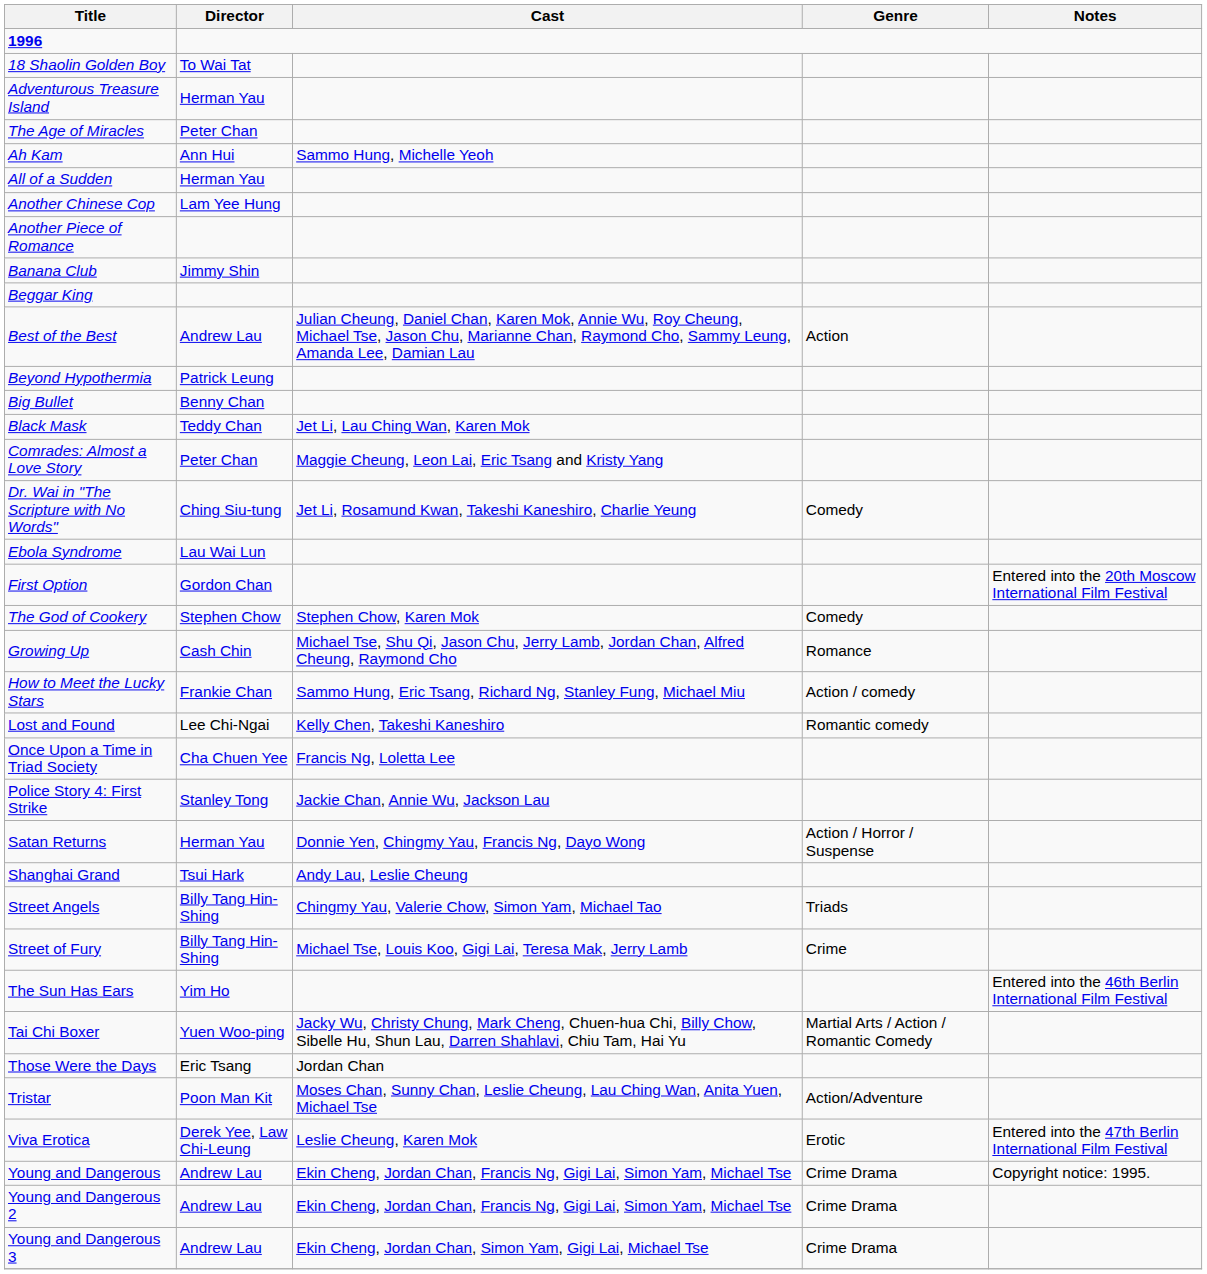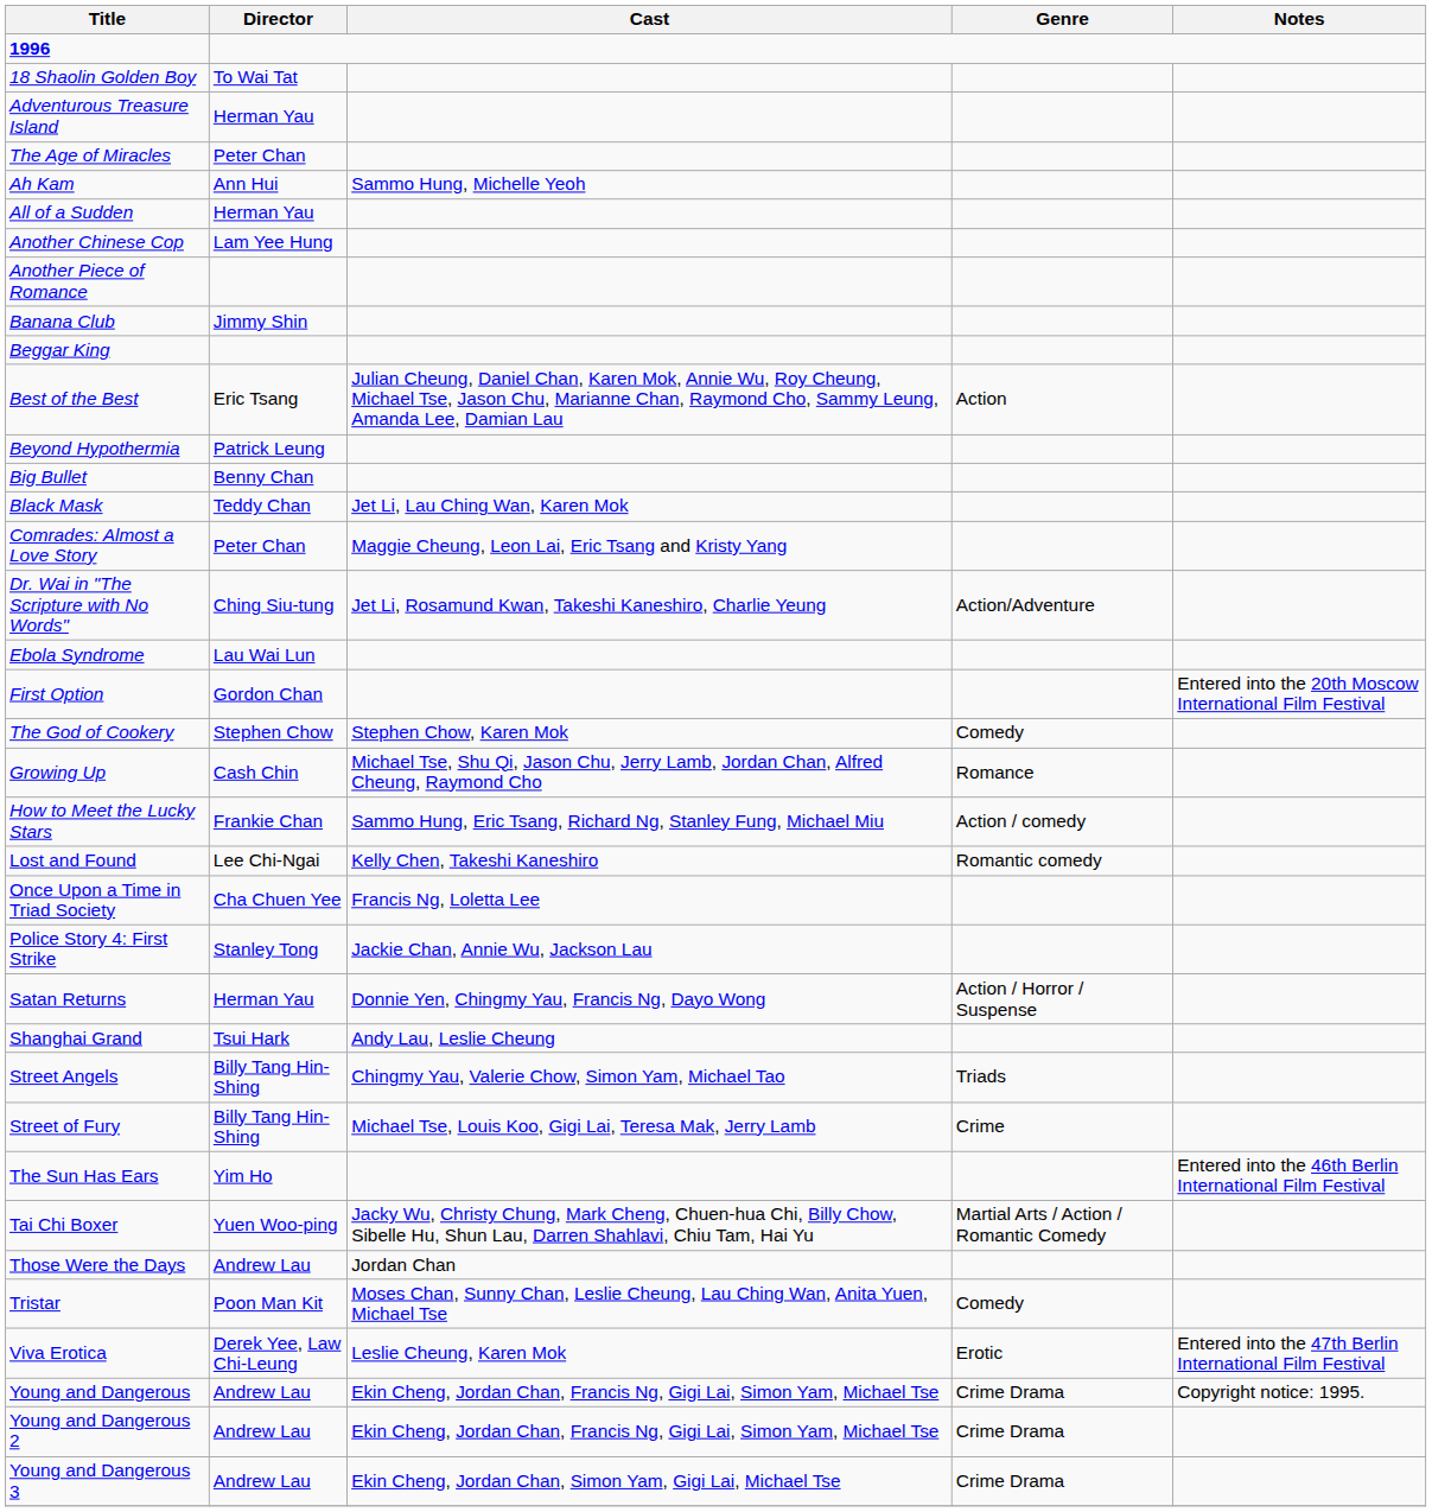 <table class="wikitable">
 <tr>
 <th>Title</th>
 <th>Director</th>
 <th>Cast</th>
 <th>Genre</th>
 <th>Notes</th>
 </tr>
 <tr>
 <td><strong><a href='#'>1996</a></strong></td>
 </tr>
 <tr>
 <td><em><a href='#'>18 Shaolin Golden Boy</a></em></td>
 <td><a href='#'>To Wai Tat</a></td>
 <td></td>
 <td></td>
 <td></td>
 </tr>
 <tr>
 <td><em><a href='#'>Adventurous Treasure Island</a></em></td>
 <td><a href='#'>Herman Yau</a></td>
 <td></td>
 <td></td>
 <td></td>
 </tr>
 <tr>
 <td><em><a href='#'>The Age of Miracles</a></em></td>
 <td><a href='#'>Peter Chan</a></td>
 <td></td>
 <td></td>
 <td></td>
 </tr>
 <tr>
 <td><em><a href='#'>Ah Kam</a></em></td>
 <td><a href='#'>Ann Hui</a></td>
 <td><a href='#'>Sammo Hung</a>, <a href='#'>Michelle Yeoh</a></td>
 <td></td>
 <td></td>
 </tr>
 <tr>
 <td><em><a href='#'>All of a Sudden</a></em></td>
 <td><a href='#'>Herman Yau</a></td>
 <td></td>
 <td></td>
 <td></td>
 </tr>
 <tr>
 <td><em><a href='#'>Another Chinese Cop</a></em></td>
 <td><a href='#'>Lam Yee Hung</a></td>
 <td></td>
 <td></td>
 <td></td>
 </tr>
 <tr>
 <td><em><a href='#'>Another Piece of Romance</a></em></td>
 <td></td>
 <td></td>
 <td></td>
 <td></td>
 </tr>
 <tr>
 <td><em><a href='#'>Banana Club</a></em></td>
 <td><a href='#'>Jimmy Shin</a></td>
 <td></td>
 <td></td>
 <td></td>
 </tr>
 <tr>
 <td><em><a href='#'>Beggar King</a></em></td>
 <td></td>
 <td></td>
 <td></td>
 <td></td>
 </tr>
 <tr>
 <td><em><a href='#'>Best of the Best</a></em></td>
-<td><a href='#'>Andrew Lau</a></td>
+<td>Eric Tsang</td>
 <td><a href='#'>Julian Cheung</a>, <a href='#'>Daniel Chan</a>, <a href='#'>Karen Mok</a>, <a href='#'>Annie Wu</a>, <a href='#'>Roy Cheung</a>, <a href='#'>Michael Tse</a>, <a href='#'>Jason Chu</a>, <a href='#'>Marianne Chan</a>, <a href='#'>Raymond Cho</a>, <a href='#'>Sammy Leung</a>, <a href='#'>Amanda Lee</a>, <a href='#'>Damian Lau</a></td>
 <td>Action</td>
 <td></td>
 </tr>
 <tr>
 <td><em><a href='#'>Beyond Hypothermia</a></em></td>
 <td><a href='#'>Patrick Leung</a></td>
 <td></td>
 <td></td>
 <td></td>
 </tr>
 <tr>
 <td><em><a href='#'>Big Bullet</a></em></td>
 <td><a href='#'>Benny Chan</a></td>
 <td></td>
 <td></td>
 <td></td>
 </tr>
 <tr>
 <td><em><a href='#'>Black Mask</a></em></td>
 <td><a href='#'>Teddy Chan</a></td>
 <td><a href='#'>Jet Li</a>, <a href='#'>Lau Ching Wan</a>, <a href='#'>Karen Mok</a></td>
 <td></td>
 <td></td>
 </tr>
 <tr>
 <td><em><a href='#'>Comrades: Almost a Love Story</a></em></td>
 <td><a href='#'>Peter Chan</a></td>
 <td><a href='#'>Maggie Cheung</a>, <a href='#'>Leon Lai</a>, <a href='#'>Eric Tsang</a> and <a href='#'>Kristy Yang</a></td>
 <td></td>
 <td></td>
 </tr>
 <tr>
 <td><em><a href='#'>Dr. Wai in "The Scripture with No Words"</a></em></td>
 <td><a href='#'>Ching Siu-tung</a></td>
 <td><a href='#'>Jet Li</a>, <a href='#'>Rosamund Kwan</a>, <a href='#'>Takeshi Kaneshiro</a>, <a href='#'>Charlie Yeung</a></td>
-<td>Comedy</td>
+<td>Action/Adventure</td>
 <td></td>
 </tr>
 <tr>
 <td><em><a href='#'>Ebola Syndrome</a></em></td>
 <td><a href='#'>Lau Wai Lun</a></td>
 <td></td>
 <td></td>
 <td></td>
 </tr>
 <tr>
 <td><em><a href='#'>First Option</a></em></td>
 <td><a href='#'>Gordon Chan</a></td>
 <td></td>
 <td></td>
 <td>Entered into the <a href='#'>20th Moscow International Film Festival</a></td>
 </tr>
 <tr>
 <td><em><a href='#'>The God of Cookery</a></em></td>
 <td><a href='#'>Stephen Chow</a></td>
 <td><a href='#'>Stephen Chow</a>, <a href='#'>Karen Mok</a></td>
 <td>Comedy</td>
 <td></td>
 </tr>
 <tr>
 <td><em><a href='#'>Growing Up</a></em></td>
 <td><a href='#'>Cash Chin</a></td>
 <td><a href='#'>Michael Tse</a>, <a href='#'>Shu Qi</a>, <a href='#'>Jason Chu</a>, <a href='#'>Jerry Lamb</a>, <a href='#'>Jordan Chan</a>, <a href='#'>Alfred Cheung</a>, <a href='#'>Raymond Cho</a></td>
 <td>Romance</td>
 <td></td>
 </tr>
 <tr>
 <td><em><a href='#'>How to Meet the Lucky Stars</a><strong></td>
 <td><a href='#'>Frankie Chan</a></td>
 <td><a href='#'>Sammo Hung</a>, <a href='#'>Eric Tsang</a>, <a href='#'>Richard Ng</a>, <a href='#'>Stanley Fung</a>, <a href='#'>Michael Miu</a></td>
 <td>Action / comedy</td>
 <td></td>
 </tr>
 <tr>
 <td></em><a href='#'>Lost and Found</a><em></td>
 <td>Lee Chi-Ngai</td>
 <td><a href='#'>Kelly Chen</a>, <a href='#'>Takeshi Kaneshiro</a></td>
 <td>Romantic comedy</td>
 <td></td>
 </tr>
 <tr>
 <td></em><a href='#'>Once Upon a Time in Triad Society</a><em></td>
 <td><a href='#'>Cha Chuen Yee</a></td>
 <td><a href='#'>Francis Ng</a>, <a href='#'>Loletta Lee</a></td>
 <td></td>
 <td></td>
 </tr>
 <tr>
 <td></em><a href='#'>Police Story 4: First Strike</a><em></td>
 <td><a href='#'>Stanley Tong</a></td>
 <td><a href='#'>Jackie Chan</a>, <a href='#'>Annie Wu</a>, <a href='#'>Jackson Lau</a></td>
 <td></td>
 <td></td>
 </tr>
 <tr>
 <td></em><a href='#'>Satan Returns</a><em></td>
 <td><a href='#'>Herman Yau</a></td>
 <td><a href='#'>Donnie Yen</a>, <a href='#'>Chingmy Yau</a>, <a href='#'>Francis Ng</a>, <a href='#'>Dayo Wong</a></td>
 <td>Action / Horror / Suspense</td>
 <td></td>
 </tr>
 <tr>
 <td></em><a href='#'>Shanghai Grand</a><em></td>
 <td><a href='#'>Tsui Hark</a></td>
 <td><a href='#'>Andy Lau</a>, <a href='#'>Leslie Cheung</a></td>
 <td></td>
 <td></td>
 </tr>
 <tr>
 <td></em><a href='#'>Street Angels</a><em></td>
 <td><a href='#'>Billy Tang Hin-Shing</a></td>
 <td><a href='#'>Chingmy Yau</a>, <a href='#'>Valerie Chow</a>, <a href='#'>Simon Yam</a>, <a href='#'>Michael Tao</a></td>
 <td>Triads</td>
 <td></td>
 </tr>
 <tr>
 <td></em><a href='#'>Street of Fury</a><em></td>
 <td><a href='#'>Billy Tang Hin-Shing</a></td>
 <td><a href='#'>Michael Tse</a>, <a href='#'>Louis Koo</a>, <a href='#'>Gigi Lai</a>, <a href='#'>Teresa Mak</a>, <a href='#'>Jerry Lamb</a></td>
 <td>Crime</td>
 <td></td>
 </tr>
 <tr>
 <td></em><a href='#'>The Sun Has Ears</a><em></td>
 <td><a href='#'>Yim Ho</a></td>
 <td></td>
 <td></td>
 <td>Entered into the <a href='#'>46th Berlin International Film Festival</a></td>
 </tr>
 <tr>
 <td></em><a href='#'>Tai Chi Boxer</a><em></td>
 <td><a href='#'>Yuen Woo-ping</a></td>
 <td><a href='#'>Jacky Wu</a>, <a href='#'>Christy Chung</a>, <a href='#'>Mark Cheng</a>, Chuen-hua Chi, <a href='#'>Billy Chow</a>, Sibelle Hu, Shun Lau, <a href='#'>Darren Shahlavi</a>, Chiu Tam, Hai Yu</td>
 <td>Martial Arts / Action / Romantic Comedy</td>
 <td></td>
 </tr>
 <tr>
 <td></em><a href='#'>Those Were the Days</a><em></td>
-<td>Eric Tsang</td>
+<td><a href='#'>Andrew Lau</a></td>
 <td>Jordan Chan</td>
 <td></td>
 <td></td>
 </tr>
 <tr>
 <td></em><a href='#'>Tristar</a><em></td>
 <td><a href='#'>Poon Man Kit</a></td>
 <td><a href='#'>Moses Chan</a>, <a href='#'>Sunny Chan</a>, <a href='#'>Leslie Cheung</a>, <a href='#'>Lau Ching Wan</a>, <a href='#'>Anita Yuen</a>, <a href='#'>Michael Tse</a></td>
-<td>Action/Adventure</td>
+<td>Comedy</td>
 <td></td>
 </tr>
 <tr>
 <td></em><a href='#'>Viva Erotica</a><em></td>
 <td><a href='#'>Derek Yee</a>, <a href='#'>Law Chi-Leung</a></td>
 <td><a href='#'>Leslie Cheung</a>, <a href='#'>Karen Mok</a></td>
 <td>Erotic</td>
 <td>Entered into the <a href='#'>47th Berlin International Film Festival</a></td>
 </tr>
 <tr>
 <td></em><a href='#'>Young and Dangerous</a><em></td>
 <td><a href='#'>Andrew Lau</a></td>
 <td><a href='#'>Ekin Cheng</a>, <a href='#'>Jordan Chan</a>, <a href='#'>Francis Ng</a>, <a href='#'>Gigi Lai</a>, <a href='#'>Simon Yam</a>, <a href='#'>Michael Tse</a></td>
 <td>Crime Drama</td>
 <td>Copyright notice: 1995.</td>
 </tr>
 <tr>
 <td></em><a href='#'>Young and Dangerous 2</a><em></td>
 <td><a href='#'>Andrew Lau</a></td>
 <td><a href='#'>Ekin Cheng</a>, <a href='#'>Jordan Chan</a>, <a href='#'>Francis Ng</a>, <a href='#'>Gigi Lai</a>, <a href='#'>Simon Yam</a>, <a href='#'>Michael Tse</a></td>
 <td>Crime Drama</td>
 <td></td>
 </tr>
 <tr>
 <td></em><a href='#'>Young and Dangerous 3</a><em></td>
 <td><a href='#'>Andrew Lau</a></td>
 <td><a href='#'>Ekin Cheng</a>, <a href='#'>Jordan Chan</a>, <a href='#'>Simon Yam</a>, <a href='#'>Gigi Lai</a>, <a href='#'>Michael Tse</a></td>
 <td>Crime Drama</td>
 <td></td>
 </tr>
 <tr>
 </tr>
 </table>
